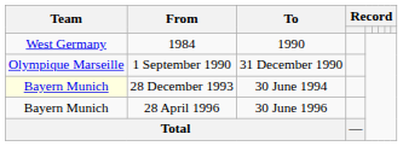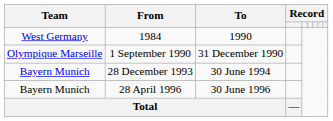 <table class="wikitable" style="text-align: center">
 <tr>
 <th rowspan="2">Team</th>
 <th rowspan="2">From</th>
 <th rowspan="2">To</th>
 <th colspan="6">Record</th>
 </tr>
 <tr>
 <th></th>
 <th></th>
 <th></th>
 <th></th>
 <th></th>
 <th></th>
 </tr>
 <tr>
 <td><a href='#'>West Germany</a></td>
 <td>1984</td>
 <td>1990<br></td>
 <td></td>
 </tr>
 <tr>
 <td><a href='#'>Olympique Marseille</a></td>
 <td>1 September 1990</td>
 <td>31 December 1990<br></td>
 <td></td>
 </tr>
 <tr>
-<td style="background: lightyellow;"><a href='#'>Bayern Munich</a></td>
+<td><a href='#'>Bayern Munich</a></td>
 <td>28 December 1993</td>
 <td>30 June 1994<br></td>
 <td></td>
 </tr>
 <tr>
 <td>Bayern Munich</td>
 <td>28 April 1996</td>
 <td>30 June 1996<br></td>
 <td></td>
 </tr>
 <tr>
 <th colspan="3">Total<br></th>
 <th>—</th>
 </tr>
 </table>
